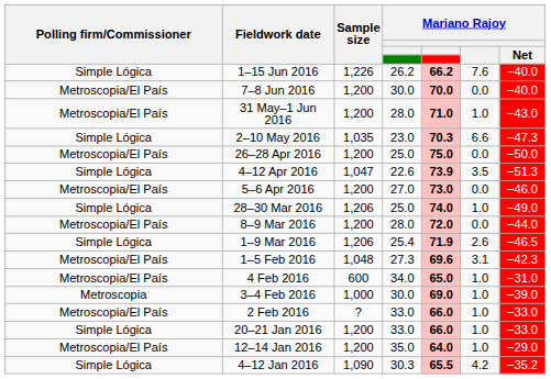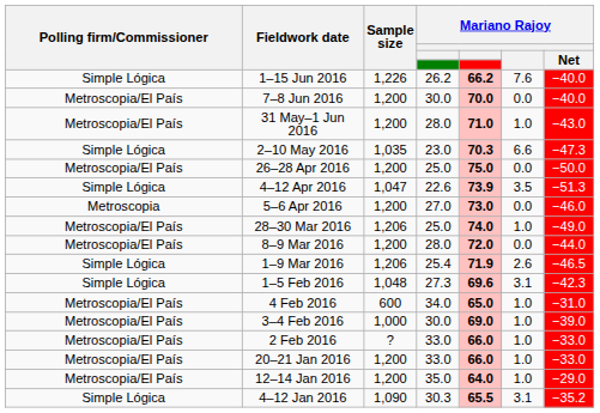 <table class="wikitable collapsible collapsed" style="text-align:center; font-size:90%; line-height:14px;">
 <tr style="height:42px;">
 <th style="width:250px;" rowspan="4">Polling firm/Commissioner</th>
 <th style="width:125px;" rowspan="4">Fieldwork date</th>
 <th style="width:50px;" rowspan="4">Sample size</th>
 <th style="width:185px;" colspan="4"><a href='#'>Mariano Rajoy</a><br></th>
 </tr>
 <tr>
 <th colspan="4" style="background:"></th>
 </tr>
 <tr>
 <th style="width:30px;"></th>
 <th style="width:30px;"></th>
 <th style="width:30px;" rowspan="2"></th>
 <th style="width:30px;" rowspan="2">Net</th>
 </tr>
 <tr>
 <th style="color:inherit;background:#008000;"></th>
 <th style="color:inherit;background:#FF0000;"></th>
 </tr>
 <tr>
 <td>Simple Lógica</td>
 <td>1–15 Jun 2016</td>
 <td>1,226</td>
 <td>26.2</td>
 <td style="background:#FFC2C1;"><strong>66.2</strong></td>
 <td>7.6</td>
 <td style="background:#FF0000; color:white;">−40.0</td>
 </tr>
 <tr>
 <td>Metroscopia/El País</td>
 <td>7–8 Jun 2016</td>
 <td>1,200</td>
 <td>30.0</td>
 <td style="background:#FFC2C1;"><strong>70.0</strong></td>
 <td>0.0</td>
 <td style="background:#FF0000; color:white;">−40.0</td>
 </tr>
 <tr>
 <td>Metroscopia/El País</td>
 <td>31 May–1 Jun 2016</td>
 <td>1,200</td>
 <td>28.0</td>
 <td style="background:#FFC2C1;"><strong>71.0</strong></td>
 <td>1.0</td>
 <td style="background:#FF0000; color:white;">−43.0</td>
 </tr>
 <tr>
 <td>Simple Lógica</td>
 <td>2–10 May 2016</td>
 <td>1,035</td>
 <td>23.0</td>
 <td style="background:#FFC2C1;"><strong>70.3</strong></td>
 <td>6.6</td>
 <td style="background:#FF0000; color:white;">−47.3</td>
 </tr>
 <tr>
 <td>Metroscopia/El País</td>
 <td>26–28 Apr 2016</td>
 <td>1,200</td>
 <td>25.0</td>
 <td style="background:#FFC2C1;"><strong>75.0</strong></td>
 <td>0.0</td>
 <td style="background:#FF0000; color:white;">−50.0</td>
 </tr>
 <tr>
 <td>Simple Lógica</td>
 <td>4–12 Apr 2016</td>
 <td>1,047</td>
 <td>22.6</td>
 <td style="background:#FFC2C1;"><strong>73.9</strong></td>
 <td>3.5</td>
 <td style="background:#FF0000; color:white;">−51.3</td>
 </tr>
 <tr>
-<td>Metroscopia/El País</td>
+<td>Metroscopia</td>
 <td>5–6 Apr 2016</td>
 <td>1,200</td>
 <td>27.0</td>
 <td style="background:#FFC2C1;"><strong>73.0</strong></td>
 <td>0.0</td>
 <td style="background:#FF0000; color:white;">−46.0</td>
 </tr>
 <tr>
-<td>Simple Lógica</td>
+<td>Metroscopia/El País</td>
 <td>28–30 Mar 2016</td>
 <td>1,206</td>
 <td>25.0</td>
 <td style="background:#FFC2C1;"><strong>74.0</strong></td>
 <td>1.0</td>
 <td style="background:#FF0000; color:white;">−49.0</td>
 </tr>
 <tr>
 <td>Metroscopia/El País</td>
 <td>8–9 Mar 2016</td>
 <td>1,200</td>
 <td>28.0</td>
 <td style="background:#FFC2C1;"><strong>72.0</strong></td>
 <td>0.0</td>
 <td style="background:#FF0000; color:white;">−44.0</td>
 </tr>
 <tr>
 <td>Simple Lógica</td>
 <td>1–9 Mar 2016</td>
 <td>1,206</td>
 <td>25.4</td>
 <td style="background:#FFC2C1;"><strong>71.9</strong></td>
 <td>2.6</td>
 <td style="background:#FF0000; color:white;">−46.5</td>
 </tr>
 <tr>
-<td>Metroscopia/El País</td>
+<td>Simple Lógica</td>
 <td>1–5 Feb 2016</td>
 <td>1,048</td>
 <td>27.3</td>
 <td style="background:#FFC2C1;"><strong>69.6</strong></td>
 <td>3.1</td>
 <td style="background:#FF0000; color:white;">−42.3</td>
 </tr>
 <tr>
 <td>Metroscopia/El País</td>
 <td>4 Feb 2016</td>
 <td>600</td>
 <td>34.0</td>
 <td style="background:#FFC2C1;"><strong>65.0</strong></td>
 <td>1.0</td>
 <td style="background:#FF0000; color:white;">−31.0</td>
 </tr>
 <tr>
-<td>Metroscopia</td>
+<td>Metroscopia/El País</td>
 <td>3–4 Feb 2016</td>
 <td>1,000</td>
 <td>30.0</td>
 <td style="background:#FFC2C1;"><strong>69.0</strong></td>
 <td>1.0</td>
 <td style="background:#FF0000; color:white;">−39.0</td>
 </tr>
 <tr>
 <td>Metroscopia/El País</td>
 <td>2 Feb 2016</td>
 <td>?</td>
 <td>33.0</td>
 <td style="background:#FFC2C1;"><strong>66.0</strong></td>
 <td>1.0</td>
 <td style="background:#FF0000; color:white;">−33.0</td>
 </tr>
 <tr>
-<td>Simple Lógica</td>
+<td>Metroscopia/El País</td>
 <td>20–21 Jan 2016</td>
 <td>1,200</td>
 <td>33.0</td>
 <td style="background:#FFC2C1;"><strong>66.0</strong></td>
 <td>1.0</td>
 <td style="background:#FF0000; color:white;">−33.0</td>
 </tr>
 <tr>
 <td>Metroscopia/El País</td>
 <td>12–14 Jan 2016</td>
 <td>1,200</td>
 <td>35.0</td>
 <td style="background:#FFC2C1;"><strong>64.0</strong></td>
 <td>1.0</td>
 <td style="background:#FF0000; color:white;">−29.0</td>
 </tr>
 <tr>
 <td>Simple Lógica</td>
 <td>4–12 Jan 2016</td>
 <td>1,090</td>
 <td>30.3</td>
 <td style="background:#FFC2C1;"><strong>65.5</strong></td>
-<td>4.2</td>
+<td>3.1</td>
 <td style="background:#FF0000; color:white;">−35.2</td>
 </tr>
 </table>
